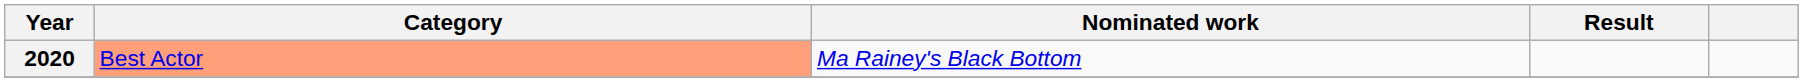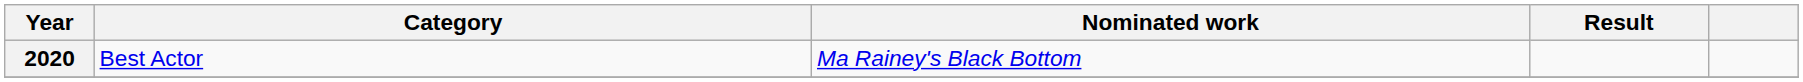 <table class="wikitable plainrowheaders" style="width:100%;">
 <tr>
 <th scope="col" style="width:5%;">Year</th>
 <th scope="col" style="width:40%;">Category</th>
 <th scope="col" style="width:40%;">Nominated work</th>
 <th scope="col" style="width:10%;">Result</th>
 <th scope="col" style="width:5%;"></th>
 </tr>
 <tr>
 <th scope="row" style="text-align:center;">2020</th>
-<td style="background: lightsalmon;"><a href='#'>Best Actor</a></td>
+<td><a href='#'>Best Actor</a></td>
 <td><em><a href='#'>Ma Rainey's Black Bottom</a></em></td>
 <td></td>
 <td style="text-align:center;"></td>
 </tr>
 <tr>
 </tr>
 </table>
